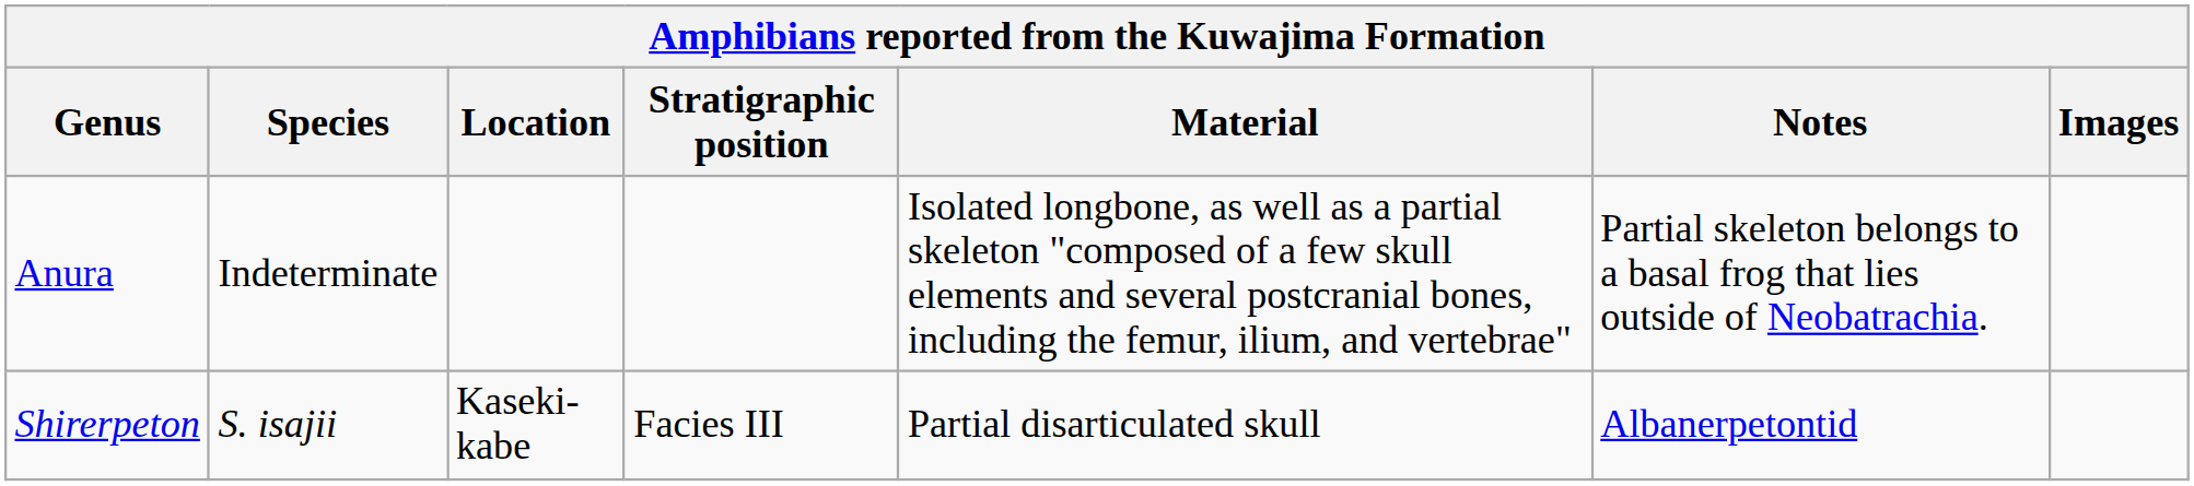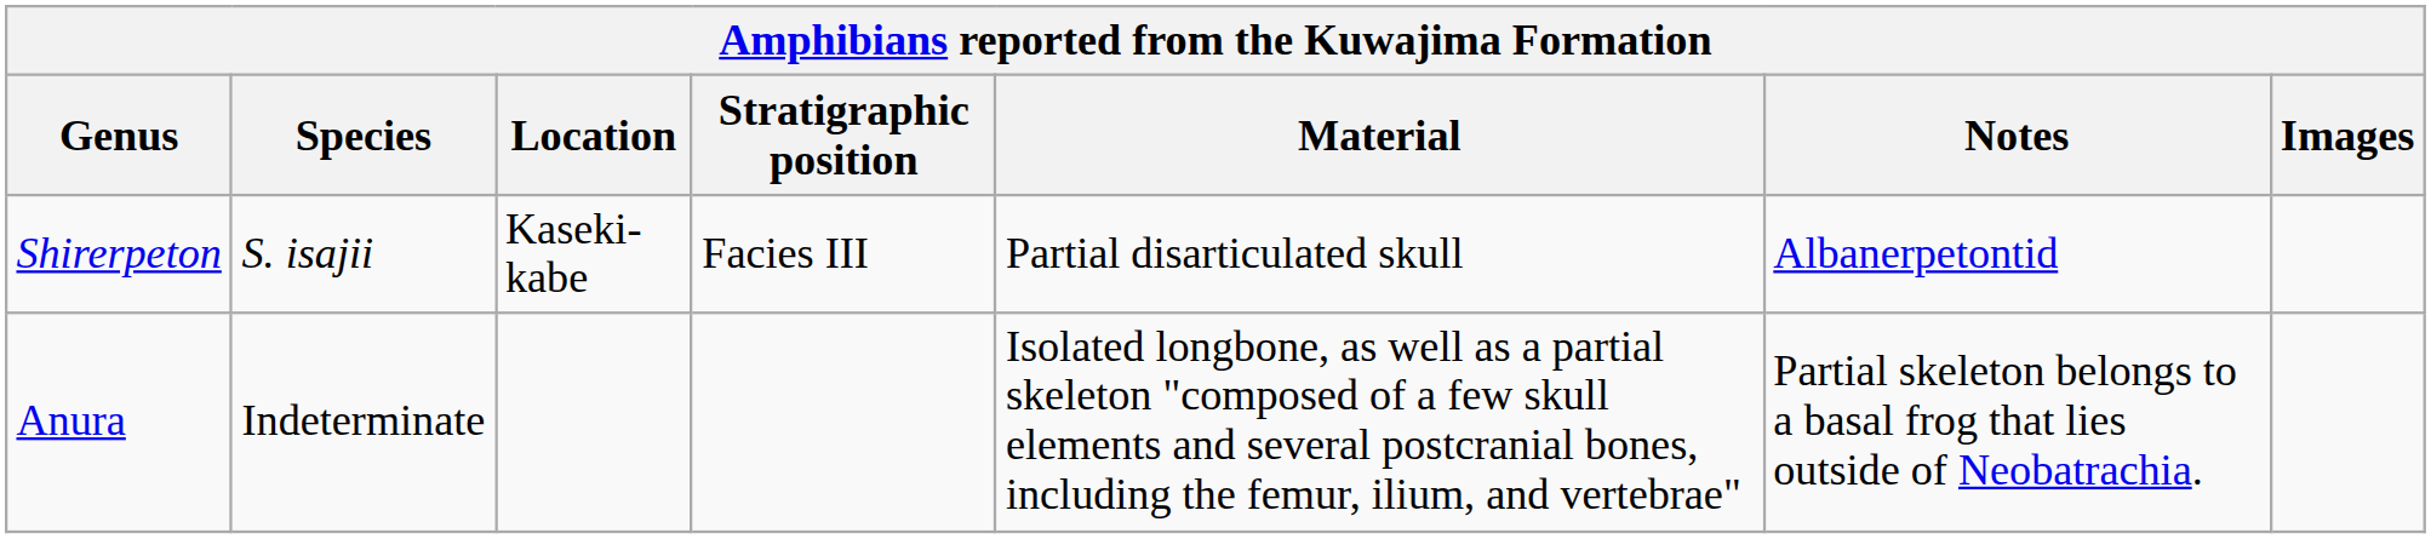 <table class="wikitable" align="center" width="100%">
 <tr>
 <th colspan="7" align="center"><strong><a href='#'>Amphibians</a> reported from the Kuwajima Formation</strong></th>
 </tr>
 <tr>
 <th>Genus</th>
 <th>Species</th>
 <th>Location</th>
 <th>Stratigraphic position</th>
 <th>Material</th>
 <th>Notes</th>
 <th>Images</th>
 </tr>
 <tr>
+<td><em><a href='#'>Shirerpeton</a></em></td>
+<td><em>S. isajii</em></td>
+<td>Kaseki-kabe</td>
+<td>Facies III</td>
+<td>Partial disarticulated skull</td>
+<td><a href='#'>Albanerpetontid</a></td>
+<td></td>
+</tr>
+<tr>
 <td><a href='#'>Anura</a></td>
 <td>Indeterminate</td>
 <td></td>
 <td></td>
 <td>Isolated longbone, as well as a partial skeleton "composed of a few skull elements and several postcranial bones, including the femur, ilium, and vertebrae"</td>
 <td>Partial skeleton belongs to a basal frog that lies outside of <a href='#'>Neobatrachia</a>.</td>
 <td></td>
 </tr>
-<tr>
-<td><em><a href='#'>Shirerpeton</a></em></td>
-<td><em>S. isajii</em></td>
-<td>Kaseki-kabe</td>
-<td>Facies III</td>
-<td>Partial disarticulated skull</td>
-<td><a href='#'>Albanerpetontid</a></td>
-<td></td>
-</tr>
 </table>
